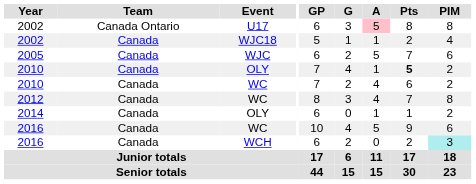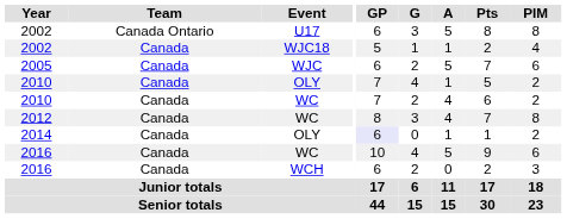 <table border="0" cellpadding="1" cellspacing="0" ID="Table3" style="text-align:center; width:40em;">
 <tr bgcolor="#e0e0e0">
 <th>Year</th>
 <th>Team</th>
 <th>Event</th>
 <th rowspan="102" bgcolor="#ffffff"></th>
 <th>GP</th>
 <th>G</th>
 <th>A</th>
 <th>Pts</th>
 <th>PIM</th>
 </tr>
 <tr>
 <td>2002</td>
 <td>Canada Ontario</td>
 <td><a href='#'>U17</a></td>
 <td>6</td>
 <td>3</td>
-<td style="background: pink;">5</td>
+<td>5</td>
 <td>8</td>
 <td>8</td>
 </tr>
 <tr bgcolor="#f0f0f0">
 <td><a href='#'>2002</a></td>
 <td><a href='#'>Canada</a></td>
 <td><a href='#'>WJC18</a></td>
 <td>5</td>
 <td>1</td>
 <td>1</td>
 <td>2</td>
 <td>4</td>
 </tr>
 <tr>
 <td><a href='#'>2005</a></td>
 <td><a href='#'>Canada</a></td>
 <td><a href='#'>WJC</a></td>
 <td>6</td>
 <td>2</td>
 <td>5</td>
 <td>7</td>
 <td>6</td>
 </tr>
 <tr bgcolor="#f0f0f0">
 <td><a href='#'>2010</a></td>
 <td><a href='#'>Canada</a></td>
 <td><a href='#'>OLY</a></td>
 <td>7</td>
 <td>4</td>
 <td>1</td>
-<td><strong>5</strong></td>
+<td>5</td>
 <td>2</td>
 </tr>
 <tr>
 <td><a href='#'>2010</a></td>
 <td>Canada</td>
 <td><a href='#'>WC</a></td>
 <td>7</td>
 <td>2</td>
 <td>4</td>
 <td>6</td>
 <td>2</td>
 </tr>
 <tr bgcolor="#f0f0f0">
 <td><a href='#'>2012</a></td>
 <td>Canada</td>
 <td>WC</td>
 <td>8</td>
 <td>3</td>
 <td>4</td>
 <td>7</td>
 <td>8</td>
 </tr>
 <tr>
 <td><a href='#'>2014</a></td>
 <td>Canada</td>
 <td>OLY</td>
-<td>6</td>
+<td style="background: lavender;">6</td>
 <td>0</td>
 <td>1</td>
 <td>1</td>
 <td>2</td>
 </tr>
 <tr bgcolor="#f0f0f0">
 <td><a href='#'>2016</a></td>
 <td>Canada</td>
 <td>WC</td>
 <td>10</td>
 <td>4</td>
 <td>5</td>
 <td>9</td>
 <td>6</td>
 </tr>
 <tr>
 <td><a href='#'>2016</a></td>
 <td>Canada</td>
 <td><a href='#'>WCH</a></td>
 <td>6</td>
 <td>2</td>
 <td>0</td>
 <td>2</td>
-<td style="background: paleturquoise;">3</td>
+<td>3</td>
 </tr>
 <tr bgcolor="#e0e0e0">
 <th colspan="4">Junior totals</th>
 <th>17</th>
 <th>6</th>
 <th>11</th>
 <th>17</th>
 <th>18</th>
 </tr>
 <tr bgcolor="#e0e0e0">
 <th colspan="4">Senior totals</th>
 <th>44</th>
 <th>15</th>
 <th>15</th>
 <th>30</th>
 <th>23</th>
 </tr>
 </table>
